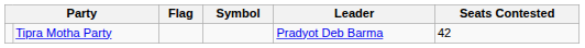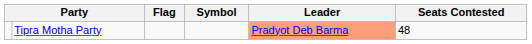 <table class="wikitable" width="60%">
 <tr>
 <th colspan="2">Party</th>
 <th>Flag</th>
 <th>Symbol</th>
 <th>Leader</th>
 <th>Seats Contested</th>
 </tr>
 <tr>
 <td style="text-align:center; background:"></td>
 <td><a href='#'>Tipra Motha Party</a></td>
 <td></td>
 <td></td>
-<td><a href='#'>Pradyot Deb Barma</a></td>
-<td>42</td>
+<td style="background: lightsalmon;"><a href='#'>Pradyot Deb Barma</a></td>
+<td>48</td>
 </tr>
 </table>
